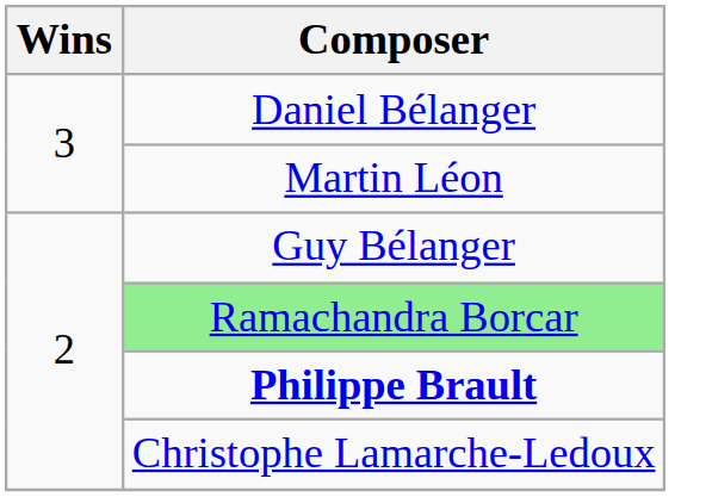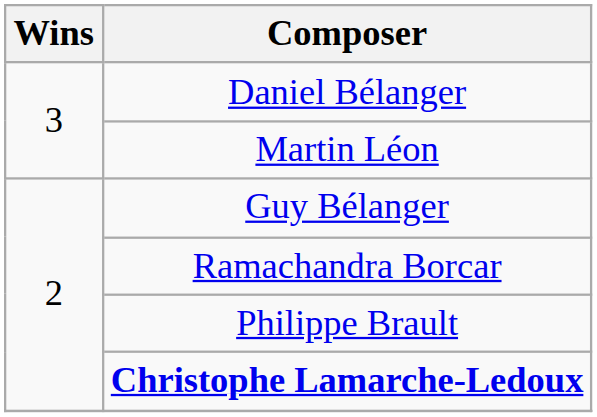 <table class="wikitable" style="text-align:center;">
 <tr>
 <th scope="col" width="10">Wins</th>
 <th scope="col" align="center">Composer</th>
 </tr>
 <tr>
 <td rowspan="2" style="text-align:center;">3</td>
 <td><a href='#'>Daniel Bélanger</a></td>
 </tr>
 <tr>
 <td><a href='#'>Martin Léon</a></td>
 </tr>
 <tr>
 <td rowspan="4" style="text-align:center;">2</td>
 <td><a href='#'>Guy Bélanger</a></td>
 </tr>
 <tr>
-<td style="background: lightgreen;"><a href='#'>Ramachandra Borcar</a></td>
+<td><a href='#'>Ramachandra Borcar</a></td>
 </tr>
 <tr>
-<td><strong><a href='#'>Philippe Brault</a></strong></td>
+<td><a href='#'>Philippe Brault</a></td>
 </tr>
 <tr>
-<td><a href='#'>Christophe Lamarche-Ledoux</a></td>
+<td><strong><a href='#'>Christophe Lamarche-Ledoux</a></strong></td>
 </tr>
 <tr>
 </tr>
 </table>
